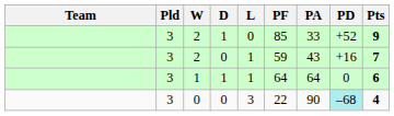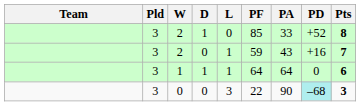 <table class="wikitable" style="text-align:center;">
 <tr>
 <th width=175>Team</th>
 <th width=25 abbr="Played">Pld</th>
 <th width=25 abbr="Won">W</th>
 <th width=25 abbr="Drawn">D</th>
 <th width=25 abbr="Lost">L</th>
 <th width=32 abbr="Points for">PF</th>
 <th width=32 abbr="Points against">PA</th>
 <th width=32 abbr="Points difference">PD</th>
 <th width=25 abbr="Points">Pts</th>
 </tr>
 <tr bgcolor=ccffcc>
 <td align=left></td>
 <td>3</td>
 <td>2</td>
 <td>1</td>
 <td>0</td>
 <td>85</td>
 <td>33</td>
 <td>+52</td>
-<td><strong>9</strong></td>
+<td><strong>8</strong></td>
 </tr>
 <tr bgcolor=ccffcc>
 <td align=left></td>
 <td>3</td>
 <td>2</td>
 <td>0</td>
 <td>1</td>
 <td>59</td>
 <td>43</td>
 <td>+16</td>
 <td><strong>7</strong></td>
 </tr>
 <tr bgcolor=ccffcc>
 <td align=left></td>
 <td>3</td>
 <td>1</td>
 <td>1</td>
 <td>1</td>
 <td>64</td>
 <td>64</td>
 <td>0</td>
 <td><strong>6</strong></td>
 </tr>
 <tr>
 <td align=left></td>
 <td>3</td>
 <td>0</td>
 <td>0</td>
 <td>3</td>
 <td>22</td>
 <td>90</td>
 <td style="background: paleturquoise;">–68</td>
-<td><strong>4</strong></td>
+<td><strong>3</strong></td>
 </tr>
 </table>
